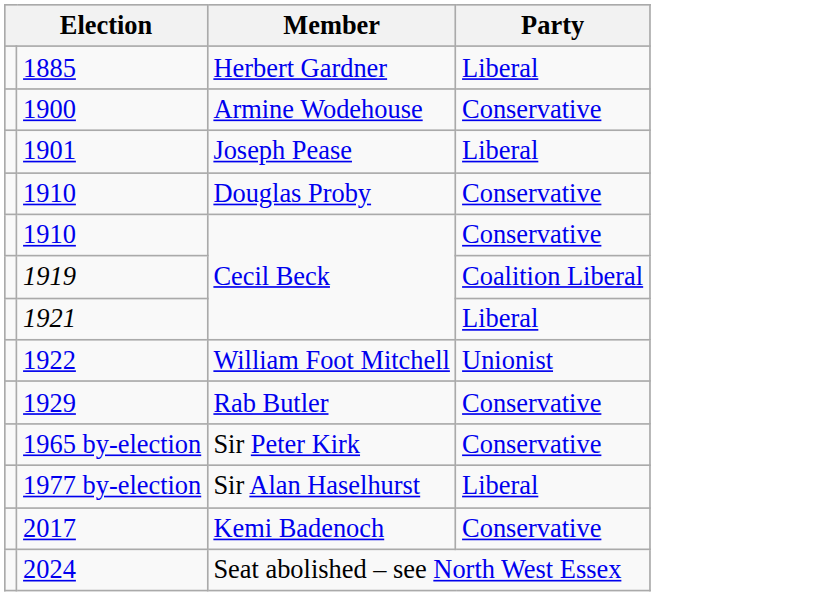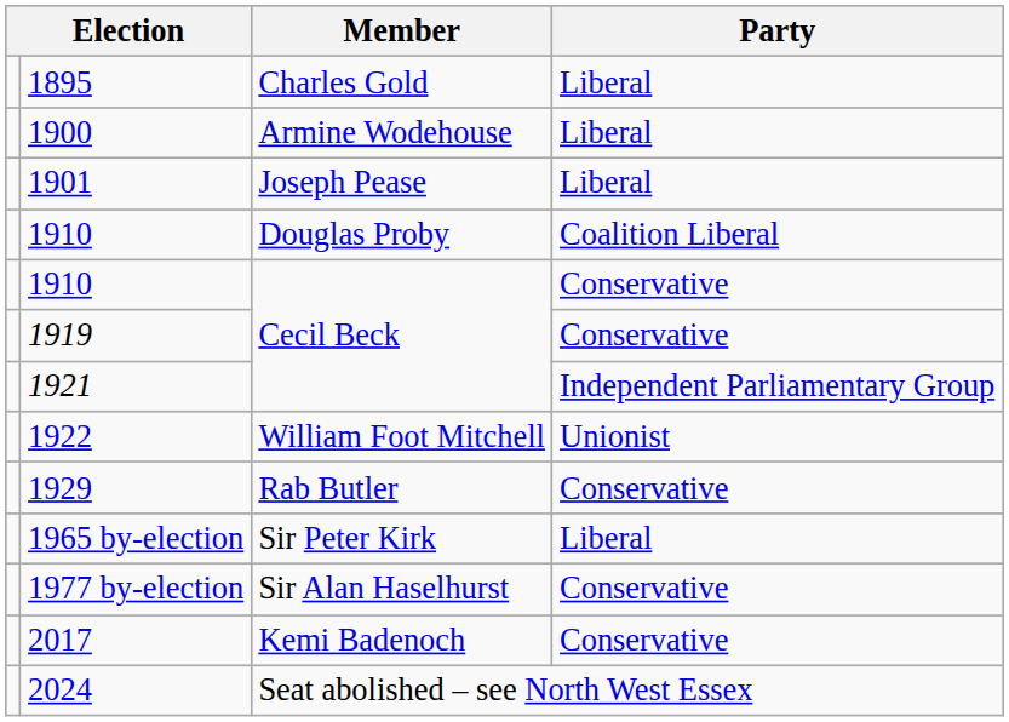 <table class="wikitable">
 <tr>
 <th colspan="2">Election</th>
 <th>Member</th>
 <th>Party</th>
 </tr>
 <tr>
 <td style="color:inherit;background-color: "></td>
-<td><a href='#'>1885</a></td>
-<td><a href='#'>Herbert Gardner</a></td>
+<td><a href='#'>1895</a></td>
+<td><a href='#'>Charles Gold</a></td>
 <td><a href='#'>Liberal</a></td>
 </tr>
 <tr>
 <td style="color:inherit;background-color: "></td>
 <td><a href='#'>1900</a></td>
 <td><a href='#'>Armine Wodehouse</a></td>
-<td><a href='#'>Conservative</a></td>
+<td><a href='#'>Liberal</a></td>
 </tr>
 <tr>
 <td style="color:inherit;background-color: "></td>
 <td><a href='#'>1901</a></td>
 <td><a href='#'>Joseph Pease</a></td>
 <td><a href='#'>Liberal</a></td>
 </tr>
 <tr>
 <td style="color:inherit;background-color: "></td>
 <td><a href='#'>1910</a></td>
 <td><a href='#'>Douglas Proby</a></td>
-<td><a href='#'>Conservative</a></td>
+<td><a href='#'>Coalition Liberal</a></td>
 </tr>
 <tr>
 <td style="color:inherit;background-color: "></td>
 <td><a href='#'>1910</a></td>
 <td rowspan="3"><a href='#'>Cecil Beck</a></td>
 <td><a href='#'>Conservative</a></td>
 </tr>
 <tr>
 <td style="color:inherit;background-color: "></td>
 <td><em>1919</em></td>
-<td><a href='#'>Coalition Liberal</a></td>
+<td><a href='#'>Conservative</a></td>
 </tr>
 <tr>
 <td style="color:inherit;background-color: "></td>
 <td><em>1921</em></td>
-<td><a href='#'>Liberal</a></td>
+<td><a href='#'>Independent Parliamentary Group</a></td>
 </tr>
 <tr>
 <td style="color:inherit;background-color: "></td>
 <td><a href='#'>1922</a></td>
 <td><a href='#'>William Foot Mitchell</a></td>
 <td><a href='#'>Unionist</a></td>
 </tr>
 <tr>
 <td style="color:inherit;background-color: "></td>
 <td><a href='#'>1929</a></td>
 <td><a href='#'>Rab Butler</a></td>
 <td><a href='#'>Conservative</a></td>
 </tr>
 <tr>
 <td style="color:inherit;background-color: "></td>
 <td><a href='#'>1965 by-election</a></td>
 <td>Sir <a href='#'>Peter Kirk</a></td>
-<td><a href='#'>Conservative</a></td>
+<td><a href='#'>Liberal</a></td>
 </tr>
 <tr>
 <td style="color:inherit;background-color: "></td>
 <td><a href='#'>1977 by-election</a></td>
 <td>Sir <a href='#'>Alan Haselhurst</a></td>
-<td><a href='#'>Liberal</a></td>
+<td><a href='#'>Conservative</a></td>
 </tr>
 <tr>
 <td style="color:inherit;background-color: "></td>
 <td><a href='#'>2017</a></td>
 <td><a href='#'>Kemi Badenoch</a></td>
 <td><a href='#'>Conservative</a></td>
 </tr>
 <tr>
 <td></td>
 <td><a href='#'>2024</a></td>
 <td colspan="2">Seat abolished – see <a href='#'>North West Essex</a></td>
 </tr>
 </table>
